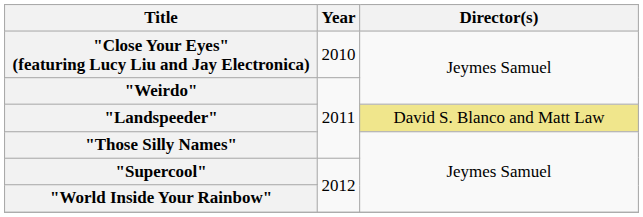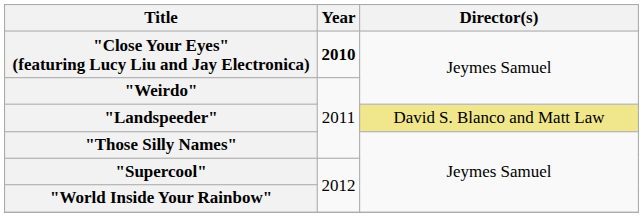 <table class="wikitable plainrowheaders" style="text-align:center;">
 <tr>
 <th scope="col" style="width:18em;">Title</th>
 <th scope="col">Year</th>
 <th scope="col" style="width:16em;">Director(s)</th>
 </tr>
 <tr>
 <th scope="row">"Close Your Eyes"<br><span>(featuring Lucy Liu and Jay Electronica)</span></th>
-<td rowspan="1">2010</td>
+<td rowspan="1"><strong>2010</strong></td>
 <td rowspan="2">Jeymes Samuel</td>
 </tr>
 <tr>
 <th scope="row">"Weirdo"</th>
 <td rowspan="3">2011</td>
 </tr>
 <tr>
 <th scope="row">"Landspeeder"</th>
 <td style="background: khaki;">David S. Blanco and Matt Law</td>
 </tr>
 <tr>
 <th scope="row">"Those Silly Names"</th>
 <td rowspan="3">Jeymes Samuel</td>
 </tr>
 <tr>
 <th scope="row">"Supercool"</th>
 <td rowspan="2">2012</td>
 </tr>
 <tr>
 <th scope="row">"World Inside Your Rainbow"</th>
 </tr>
 <tr>
 </tr>
 </table>
